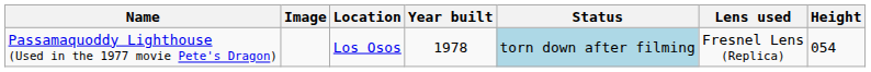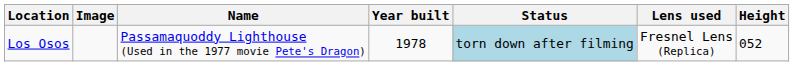 <table class="wikitable">
 <tr>
+<th>Location</th>
+<th>Image</th>
 <th>Name</th>
-<th>Image</th>
-<th>Location</th>
 <th>Year built</th>
 <th>Status</th>
 <th>Lens used</th>
 <th>Height</th>
 </tr>
 <tr>
+<td><a href='#'>Los Osos</a></td>
+<td></td>
 <td><a href='#'>Passamaquoddy Lighthouse</a><br><small>(Used in the 1977 movie <a href='#'>Pete's Dragon</a>)</small></td>
-<td></td>
-<td><a href='#'>Los Osos</a></td>
 <td style="text-align: center;">1978</td>
 <td style="background: lightblue;">torn down after filming</td>
 <td style="text-align: center;">Fresnel Lens<br><small>(Replica)</small></td>
-<td><span>054</span> </td>
+<td><span>052</span> </td>
 </tr>
 </table>
